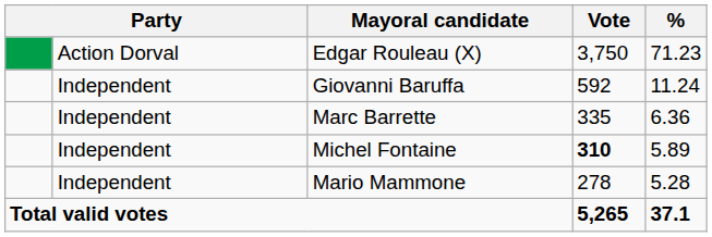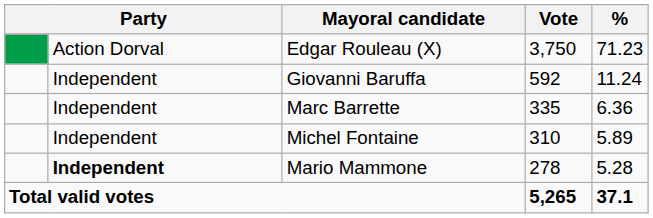 <table class="wikitable">
 <tr>
 <th bgcolor="#DDDDFF" width="230px" colspan="2">Party</th>
 <th bgcolor="#DDDDFF" width="200px">Mayoral candidate</th>
 <th bgcolor="#DDDDFF" width="50px">Vote</th>
 <th bgcolor="#DDDDFF" width="30px">%</th>
 </tr>
 <tr>
 <td bgcolor="#009E49" width="30px"> </td>
 <td>Action Dorval</td>
 <td>Edgar Rouleau (X)</td>
 <td>3,750</td>
 <td>71.23</td>
 </tr>
 <tr>
 <td> </td>
 <td>Independent</td>
 <td>Giovanni Baruffa</td>
 <td>592</td>
 <td>11.24</td>
 </tr>
 <tr>
 <td> </td>
 <td>Independent</td>
 <td>Marc Barrette</td>
 <td>335</td>
 <td>6.36</td>
 </tr>
 <tr>
 <td> </td>
 <td>Independent</td>
 <td>Michel Fontaine</td>
-<td><strong>310</strong></td>
+<td>310</td>
 <td>5.89</td>
 </tr>
 <tr>
 <td> </td>
-<td>Independent</td>
+<td><strong>Independent</strong></td>
 <td>Mario Mammone</td>
 <td>278</td>
 <td>5.28</td>
 </tr>
 <tr>
 <td colspan="3"><strong>Total valid votes</strong></td>
 <td><strong>5,265</strong></td>
 <td><strong>37.1</strong></td>
 </tr>
 </table>
